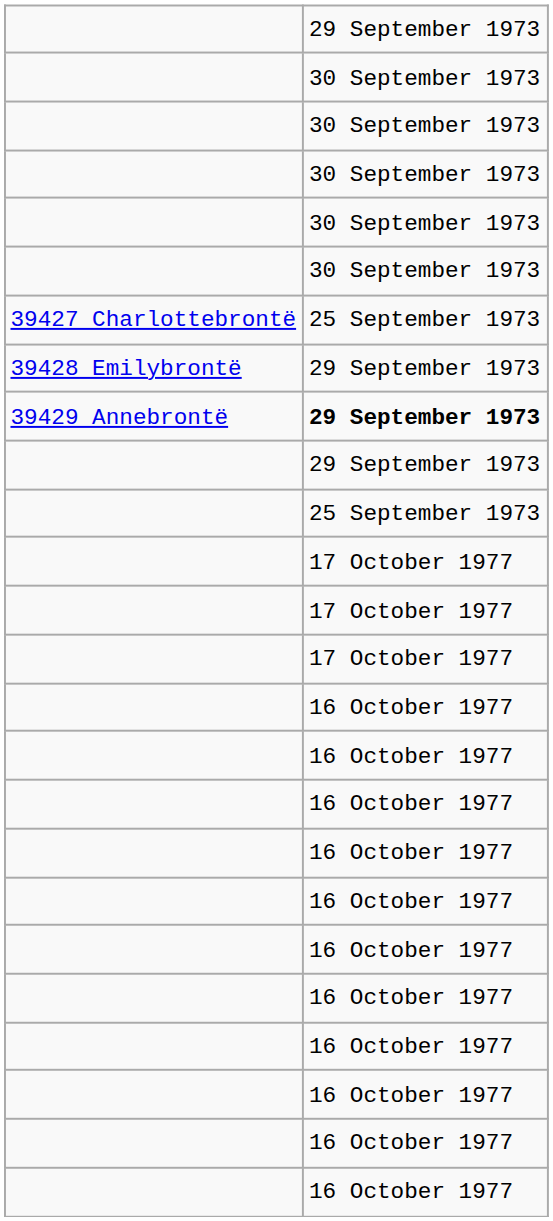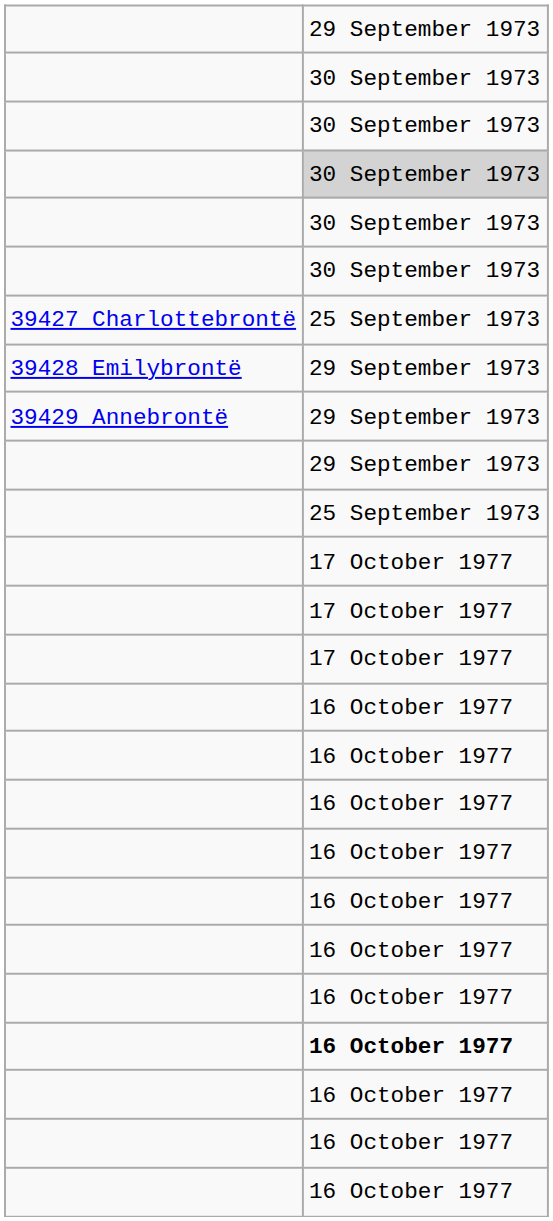 <table class="wikitable" style="font-size: 89%; float: left; width: 24em; margin-right: 1em; line-height: 1.65em">
 <tr>
 <td></td>
 <td>29 September 1973</td>
 </tr>
 <tr>
 <td></td>
 <td>30 September 1973</td>
 </tr>
 <tr>
 <td></td>
 <td>30 September 1973</td>
 </tr>
 <tr>
 <td></td>
-<td>30 September 1973</td>
+<td style="background: lightgrey;">30 September 1973</td>
 </tr>
 <tr>
 <td></td>
 <td>30 September 1973</td>
 </tr>
 <tr>
 <td></td>
 <td>30 September 1973</td>
 </tr>
 <tr>
 <td><a href='#'>39427 Charlottebrontë</a></td>
 <td>25 September 1973</td>
 </tr>
 <tr>
 <td><a href='#'>39428 Emilybrontë</a></td>
 <td>29 September 1973</td>
 </tr>
 <tr>
 <td><a href='#'>39429 Annebrontë</a></td>
-<td><strong>29 September 1973</strong></td>
+<td>29 September 1973</td>
 </tr>
 <tr>
 <td></td>
 <td>29 September 1973</td>
 </tr>
 <tr>
 <td></td>
 <td>25 September 1973</td>
 </tr>
 <tr>
 <td></td>
 <td>17 October 1977</td>
 </tr>
 <tr>
 <td></td>
 <td>17 October 1977</td>
 </tr>
 <tr>
 <td></td>
 <td>17 October 1977</td>
 </tr>
 <tr>
 <td></td>
 <td>16 October 1977</td>
 </tr>
 <tr>
 <td></td>
 <td>16 October 1977</td>
 </tr>
 <tr>
 <td></td>
 <td>16 October 1977</td>
 </tr>
 <tr>
 <td></td>
 <td>16 October 1977</td>
 </tr>
 <tr>
 <td></td>
 <td>16 October 1977</td>
 </tr>
 <tr>
 <td></td>
 <td>16 October 1977</td>
 </tr>
 <tr>
 <td></td>
 <td>16 October 1977</td>
 </tr>
 <tr>
 <td></td>
-<td>16 October 1977</td>
+<td><strong>16 October 1977</strong></td>
 </tr>
 <tr>
 <td></td>
 <td>16 October 1977</td>
 </tr>
 <tr>
 <td></td>
 <td>16 October 1977</td>
 </tr>
 <tr>
 <td></td>
 <td>16 October 1977</td>
 </tr>
 </table>
